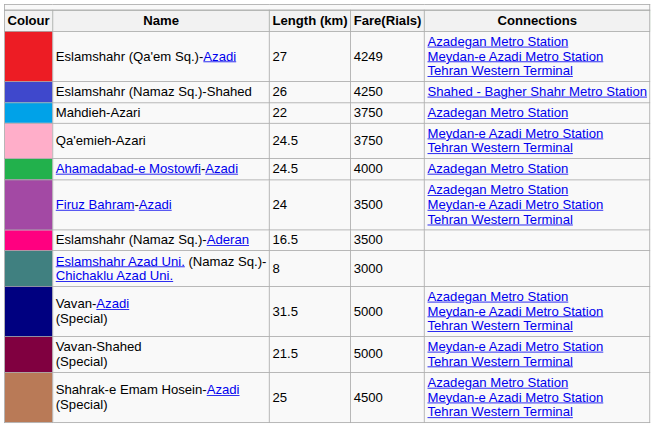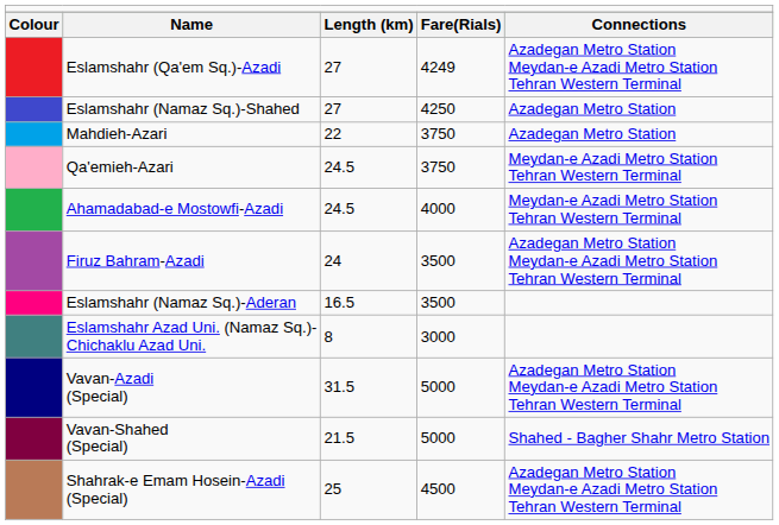 <table class="wikitable sortable">
 <tr>
 <td colspan="7"></td>
 </tr>
 <tr>
 </tr>
 <tr bgcolor=#ACE1AF>
 <th>Colour</th>
 <th>Name</th>
 <th>Length (km)</th>
 <th>Fare(Rials)</th>
 <th>Connections</th>
 </tr>
 <tr>
 <td text-align="center" bgcolor="#ED1C24"></td>
 <td>Eslamshahr (Qa'em Sq.)-<a href='#'>Azadi</a></td>
 <td>27</td>
 <td>4249</td>
 <td> <a href='#'>Azadegan Metro Station</a><br>  <a href='#'>Meydan-e Azadi Metro Station</a><br> <a href='#'>Tehran Western Terminal</a><br>     </td>
 </tr>
 <tr>
 <td text-align="center" bgcolor="#3F48CC"></td>
 <td>Eslamshahr (Namaz Sq.)-Shahed</td>
-<td>26</td>
+<td>27</td>
 <td>4250</td>
-<td> <a href='#'>Shahed - Bagher Shahr Metro Station</a></td>
+<td> <a href='#'>Azadegan Metro Station</a><br> </td>
 </tr>
 <tr>
 <td text-align="center" bgcolor="#00A2E8"></td>
 <td>Mahdieh-Azari</td>
 <td>22</td>
 <td>3750</td>
 <td> <a href='#'>Azadegan Metro Station</a><br> </td>
 </tr>
 <tr>
 <td text-align="center" bgcolor="#FFAEC9"></td>
 <td>Qa'emieh-Azari</td>
 <td>24.5</td>
 <td>3750</td>
 <td> <a href='#'>Meydan-e Azadi Metro Station</a><br> <a href='#'>Tehran Western Terminal</a><br>     </td>
 </tr>
 <tr>
 <td text-align="center" bgcolor="#22B14C"></td>
 <td><a href='#'>Ahamadabad-e Mostowfi</a>-<a href='#'>Azadi</a></td>
 <td>24.5</td>
 <td>4000</td>
-<td> <a href='#'>Azadegan Metro Station</a><br> </td>
+<td> <a href='#'>Meydan-e Azadi Metro Station</a><br> <a href='#'>Tehran Western Terminal</a><br>     </td>
 </tr>
 <tr>
 <td text-align="center" bgcolor="#A349A4"></td>
 <td><a href='#'>Firuz Bahram</a>-<a href='#'>Azadi</a></td>
 <td>24</td>
 <td>3500</td>
 <td> <a href='#'>Azadegan Metro Station</a><br>  <a href='#'>Meydan-e Azadi Metro Station</a><br> <a href='#'>Tehran Western Terminal</a><br>     </td>
 </tr>
 <tr>
 <td text-align="center" bgcolor="#FF0080"></td>
 <td>Eslamshahr (Namaz Sq.)-<a href='#'>Aderan</a></td>
 <td>16.5</td>
 <td>3500</td>
 <td></td>
 </tr>
 <tr>
 <td text-align="center" bgcolor="#408080"></td>
 <td><a href='#'>Eslamshahr Azad Uni.</a> (Namaz Sq.)-<br><a href='#'>Chichaklu Azad Uni.</a></td>
 <td>8</td>
 <td>3000</td>
 <td></td>
 </tr>
 <tr>
 <td text-align="center" bgcolor="#000080"></td>
 <td>Vavan-<a href='#'>Azadi</a><br>(Special)</td>
 <td>31.5</td>
 <td>5000</td>
 <td> <a href='#'>Azadegan Metro Station</a><br>  <a href='#'>Meydan-e Azadi Metro Station</a><br> <a href='#'>Tehran Western Terminal</a><br>     </td>
 </tr>
 <tr>
 <td text-align="center" bgcolor="#800040"></td>
 <td>Vavan-Shahed<br>(Special)</td>
 <td>21.5</td>
 <td>5000</td>
-<td> <a href='#'>Meydan-e Azadi Metro Station</a><br> <a href='#'>Tehran Western Terminal</a><br>     </td>
+<td> <a href='#'>Shahed - Bagher Shahr Metro Station</a><br></td>
 </tr>
 <tr>
 <td text-align="center" bgcolor="#B97A57"></td>
 <td>Shahrak-e Emam Hosein-<a href='#'>Azadi</a><br>(Special)</td>
 <td>25</td>
 <td>4500</td>
 <td> <a href='#'>Azadegan Metro Station</a><br>  <a href='#'>Meydan-e Azadi Metro Station</a><br> <a href='#'>Tehran Western Terminal</a><br>     </td>
 </tr>
 </table>
